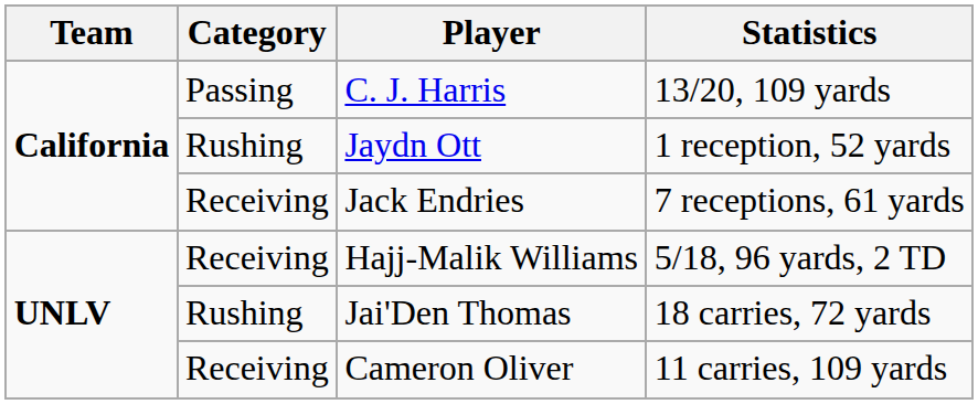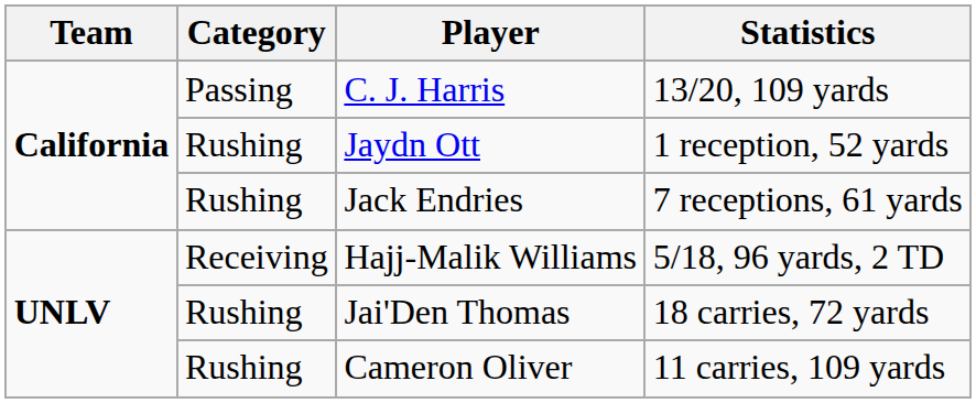 <table class="wikitable" style="float: right;">
 <tr>
 <th>Team</th>
 <th>Category</th>
 <th>Player</th>
 <th>Statistics</th>
 </tr>
 <tr>
 <td rowspan=3><strong>California</strong></td>
 <td>Passing</td>
 <td><a href='#'>C. J. Harris</a></td>
 <td>13/20, 109 yards</td>
 </tr>
 <tr>
 <td>Rushing</td>
 <td><a href='#'>Jaydn Ott</a></td>
 <td>1 reception, 52 yards</td>
 </tr>
 <tr>
-<td>Receiving</td>
+<td>Rushing</td>
 <td>Jack Endries</td>
 <td>7 receptions, 61 yards</td>
 </tr>
 <tr>
 <td rowspan=3><strong>UNLV</strong></td>
 <td>Receiving</td>
 <td>Hajj-Malik Williams</td>
 <td>5/18, 96 yards, 2 TD</td>
 </tr>
 <tr>
 <td>Rushing</td>
 <td>Jai'Den Thomas</td>
 <td>18 carries, 72 yards</td>
 </tr>
 <tr>
-<td>Receiving</td>
+<td>Rushing</td>
 <td>Cameron Oliver</td>
 <td>11 carries, 109 yards</td>
 </tr>
 </table>
